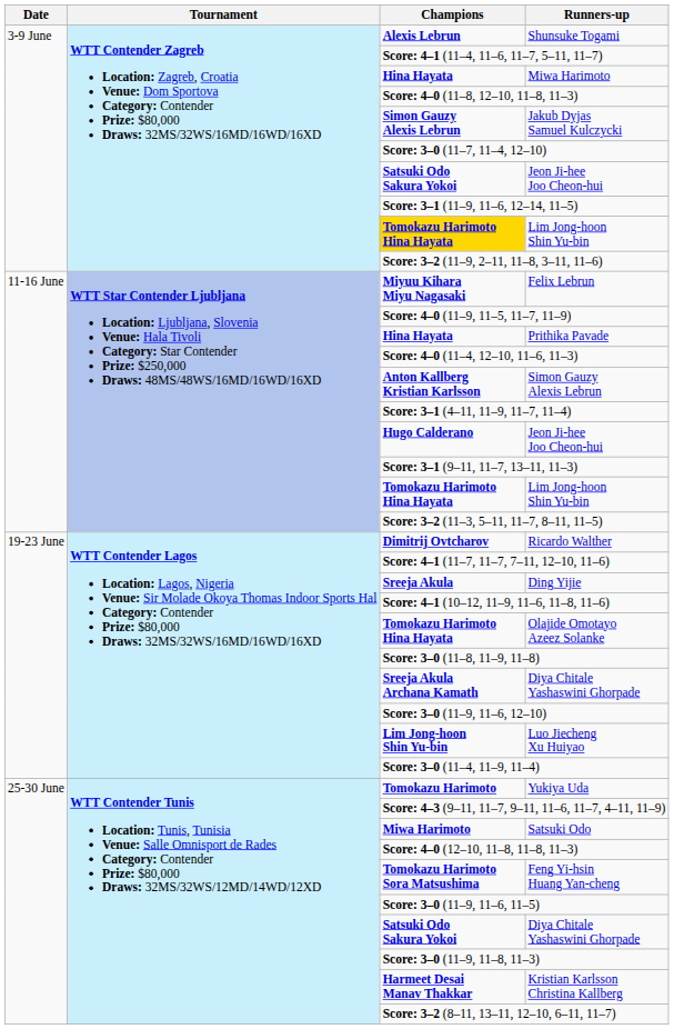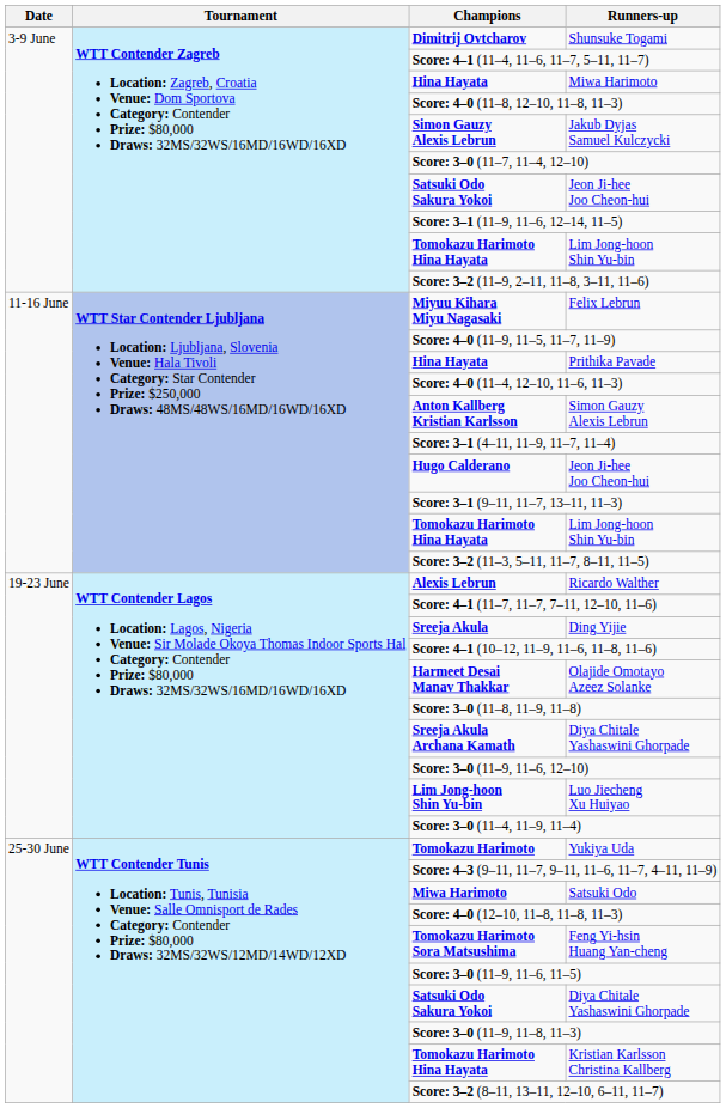 <table class="wikitable">
 <tr>
 <th scope=col>Date</th>
 <th scope=col>Tournament</th>
 <th scope=col>Champions</th>
 <th scope=col>Runners-up</th>
 </tr>
 <tr valign=top>
 <td rowspan=10>3-9 June</td>
 <td style="background:#C9EFFC;" rowspan="10"><br><strong><a href='#'>WTT Contender Zagreb</a></strong><ul><li><strong>Location:</strong> <a href='#'>Zagreb</a>, <a href='#'>Croatia</a></li><li><strong>Venue:</strong> <a href='#'>Dom Sportova</a></li><li><strong>Category:</strong> Contender</li><li><strong>Prize:</strong> $80,000</li><li><strong>Draws:</strong> 32MS/32WS/16MD/16WD/16XD</li></ul></td>
-<td><strong> <a href='#'>Alexis Lebrun</a></strong></td>
+<td><strong> <a href='#'>Dimitrij Ovtcharov</a></strong></td>
 <td> <a href='#'>Shunsuke Togami</a></td>
 </tr>
 <tr>
 <td colspan=2><strong>Score: 4–1</strong> (11–4, 11–6, 11–7, 5–11, 11–7)</td>
 </tr>
 <tr valign=top>
 <td><strong> <a href='#'>Hina Hayata</a></strong></td>
 <td> <a href='#'>Miwa Harimoto</a></td>
 </tr>
 <tr>
 <td colspan=2><strong>Score: 4–0</strong> (11–8, 12–10, 11–8, 11–3)</td>
 </tr>
 <tr valign=top>
 <td><strong> <a href='#'>Simon Gauzy</a><br> <a href='#'>Alexis Lebrun</a></strong></td>
 <td> <a href='#'>Jakub Dyjas</a><br> <a href='#'>Samuel Kulczycki</a></td>
 </tr>
 <tr>
 <td colspan=2><strong>Score: 3–0</strong> (11–7, 11–4, 12–10)</td>
 </tr>
 <tr valign=top>
 <td><strong> <a href='#'>Satsuki Odo</a><br> <a href='#'>Sakura Yokoi</a></strong></td>
 <td> <a href='#'>Jeon Ji-hee</a><br> <a href='#'>Joo Cheon-hui</a></td>
 </tr>
 <tr>
 <td colspan=2><strong>Score: 3–1</strong> (11–9, 11–6, 12–14, 11–5)</td>
 </tr>
 <tr valign=top>
-<td style="background: gold;"><strong> <a href='#'>Tomokazu Harimoto</a><br> <a href='#'>Hina Hayata</a></strong></td>
+<td><strong> <a href='#'>Tomokazu Harimoto</a><br> <a href='#'>Hina Hayata</a></strong></td>
 <td> <a href='#'>Lim Jong-hoon</a><br> <a href='#'>Shin Yu-bin</a></td>
 </tr>
 <tr>
 <td colspan=2><strong>Score: 3–2</strong> (11–9, 2–11, 11–8, 3–11, 11–6)</td>
 </tr>
 <tr valign=top>
 <td rowspan=10>11-16 June</td>
 <td style="background:#b0c4ed;" rowspan="10"><br><strong><a href='#'>WTT Star Contender Ljubljana</a></strong><ul><li><strong>Location:</strong> <a href='#'>Ljubljana</a>, <a href='#'>Slovenia</a></li><li><strong>Venue:</strong> <a href='#'>Hala Tivoli</a></li><li><strong>Category:</strong> Star Contender</li><li><strong>Prize:</strong> $250,000</li><li><strong>Draws:</strong> 48MS/48WS/16MD/16WD/16XD</li></ul></td>
 <td><strong> <a href='#'>Miyuu Kihara</a><br> <a href='#'>Miyu Nagasaki</a></strong></td>
 <td> <a href='#'>Felix Lebrun</a></td>
 </tr>
 <tr>
 <td colspan=2><strong>Score: 4–0</strong> (11–9, 11–5, 11–7, 11–9)</td>
 </tr>
 <tr valign=top>
 <td><strong> <a href='#'>Hina Hayata</a></strong></td>
 <td> <a href='#'>Prithika Pavade</a></td>
 </tr>
 <tr>
 <td colspan=2><strong>Score: 4–0</strong> (11–4, 12–10, 11–6, 11–3)</td>
 </tr>
 <tr valign=top>
 <td><strong> <a href='#'>Anton Kallberg</a><br> <a href='#'>Kristian Karlsson</a></strong></td>
 <td> <a href='#'>Simon Gauzy</a><br> <a href='#'>Alexis Lebrun</a></td>
 </tr>
 <tr>
 <td colspan=2><strong>Score: 3–1</strong> (4–11, 11–9, 11–7, 11–4)</td>
 </tr>
 <tr valign=top>
 <td><strong> <a href='#'>Hugo Calderano</a></strong></td>
 <td> <a href='#'>Jeon Ji-hee</a><br> <a href='#'>Joo Cheon-hui</a></td>
 </tr>
 <tr>
 <td colspan=2><strong>Score: 3–1</strong> (9–11, 11–7, 13–11, 11–3)</td>
 </tr>
 <tr valign=top>
 <td><strong> <a href='#'>Tomokazu Harimoto</a><br> <a href='#'>Hina Hayata</a></strong></td>
 <td> <a href='#'>Lim Jong-hoon</a><br> <a href='#'>Shin Yu-bin</a></td>
 </tr>
 <tr>
 <td colspan=2><strong>Score: 3–2</strong> (11–3, 5–11, 11–7, 8–11, 11–5)</td>
 </tr>
 <tr valign=top>
 <td rowspan=10>19-23 June</td>
 <td style="background:#C9EFFC;" rowspan="10"><br><strong><a href='#'>WTT Contender Lagos</a></strong><ul><li><strong>Location:</strong> <a href='#'>Lagos</a>, <a href='#'>Nigeria</a></li><li><strong>Venue:</strong> <a href='#'>Sir Molade Okoya Thomas Indoor Sports Hal</a></li><li><strong>Category:</strong> Contender</li><li><strong>Prize:</strong> $80,000</li><li><strong>Draws:</strong> 32MS/32WS/16MD/16WD/16XD</li></ul></td>
-<td><strong> <a href='#'>Dimitrij Ovtcharov</a></strong></td>
+<td><strong> <a href='#'>Alexis Lebrun</a></strong></td>
 <td> <a href='#'>Ricardo Walther</a></td>
 </tr>
 <tr>
 <td colspan=2><strong>Score: 4–1</strong> (11–7, 11–7, 7–11, 12–10, 11–6)</td>
 </tr>
 <tr valign=top>
 <td><strong> <a href='#'>Sreeja Akula</a></strong></td>
 <td> <a href='#'>Ding Yijie</a></td>
 </tr>
 <tr>
 <td colspan=2><strong>Score: 4–1</strong> (10–12, 11–9, 11–6, 11–8, 11–6)</td>
 </tr>
 <tr valign=top>
-<td><strong> <a href='#'>Tomokazu Harimoto</a><br> <a href='#'>Hina Hayata</a></strong></td>
+<td><strong> <a href='#'>Harmeet Desai</a><br> <a href='#'>Manav Thakkar</a></strong></td>
 <td> <a href='#'>Olajide Omotayo</a><br> <a href='#'>Azeez Solanke</a></td>
 </tr>
 <tr>
 <td colspan=2><strong>Score: 3–0</strong> (11–8, 11–9, 11–8)</td>
 </tr>
 <tr valign=top>
 <td><strong> <a href='#'>Sreeja Akula</a><br> <a href='#'>Archana Kamath</a></strong></td>
 <td> <a href='#'>Diya Chitale</a><br> <a href='#'>Yashaswini Ghorpade</a></td>
 </tr>
 <tr>
 <td colspan=2><strong>Score: 3–0</strong> (11–9, 11–6, 12–10)</td>
 </tr>
 <tr valign=top>
 <td><strong> <a href='#'>Lim Jong-hoon</a><br> <a href='#'>Shin Yu-bin</a></strong></td>
 <td> <a href='#'>Luo Jiecheng</a><br> <a href='#'>Xu Huiyao</a></td>
 </tr>
 <tr>
 <td colspan=2><strong>Score: 3–0</strong> (11–4, 11–9, 11–4)</td>
 </tr>
 <tr valign=top>
 <td rowspan=10>25-30 June</td>
 <td style="background:#C9EFFC;" rowspan="10"><br><strong><a href='#'>WTT Contender Tunis</a></strong><ul><li><strong>Location:</strong> <a href='#'>Tunis</a>, <a href='#'>Tunisia</a></li><li><strong>Venue:</strong> <a href='#'>Salle Omnisport de Rades</a></li><li><strong>Category:</strong> Contender</li><li><strong>Prize:</strong> $80,000</li><li><strong>Draws:</strong> 32MS/32WS/12MD/14WD/12XD</li></ul></td>
 <td><strong> <a href='#'>Tomokazu Harimoto</a></strong></td>
 <td> <a href='#'>Yukiya Uda</a></td>
 </tr>
 <tr>
 <td colspan=2><strong>Score: 4–3</strong> (9–11, 11–7, 9–11, 11–6, 11–7, 4–11, 11–9)</td>
 </tr>
 <tr valign=top>
 <td><strong> <a href='#'>Miwa Harimoto</a></strong></td>
 <td> <a href='#'>Satsuki Odo</a></td>
 </tr>
 <tr>
 <td colspan=2><strong>Score: 4–0</strong> (12–10, 11–8, 11–8, 11–3)</td>
 </tr>
 <tr valign=top>
 <td><strong> <a href='#'>Tomokazu Harimoto</a><br> <a href='#'>Sora Matsushima</a></strong></td>
 <td> <a href='#'>Feng Yi-hsin</a><br> <a href='#'>Huang Yan-cheng</a></td>
 </tr>
 <tr>
 <td colspan=2><strong>Score: 3–0</strong> (11–9, 11–6, 11–5)</td>
 </tr>
 <tr valign=top>
 <td><strong> <a href='#'>Satsuki Odo</a><br> <a href='#'>Sakura Yokoi</a></strong></td>
 <td> <a href='#'>Diya Chitale</a><br> <a href='#'>Yashaswini Ghorpade</a></td>
 </tr>
 <tr>
 <td colspan=2><strong>Score: 3–0</strong> (11–9, 11–8, 11–3)</td>
 </tr>
 <tr valign=top>
-<td><strong> <a href='#'>Harmeet Desai</a><br> <a href='#'>Manav Thakkar</a></strong></td>
+<td><strong> <a href='#'>Tomokazu Harimoto</a><br> <a href='#'>Hina Hayata</a></strong></td>
 <td> <a href='#'>Kristian Karlsson</a><br> <a href='#'>Christina Kallberg</a></td>
 </tr>
 <tr>
 <td colspan=2><strong>Score: 3–2</strong> (8–11, 13–11, 12–10, 6–11, 11–7)</td>
 </tr>
 </table>
